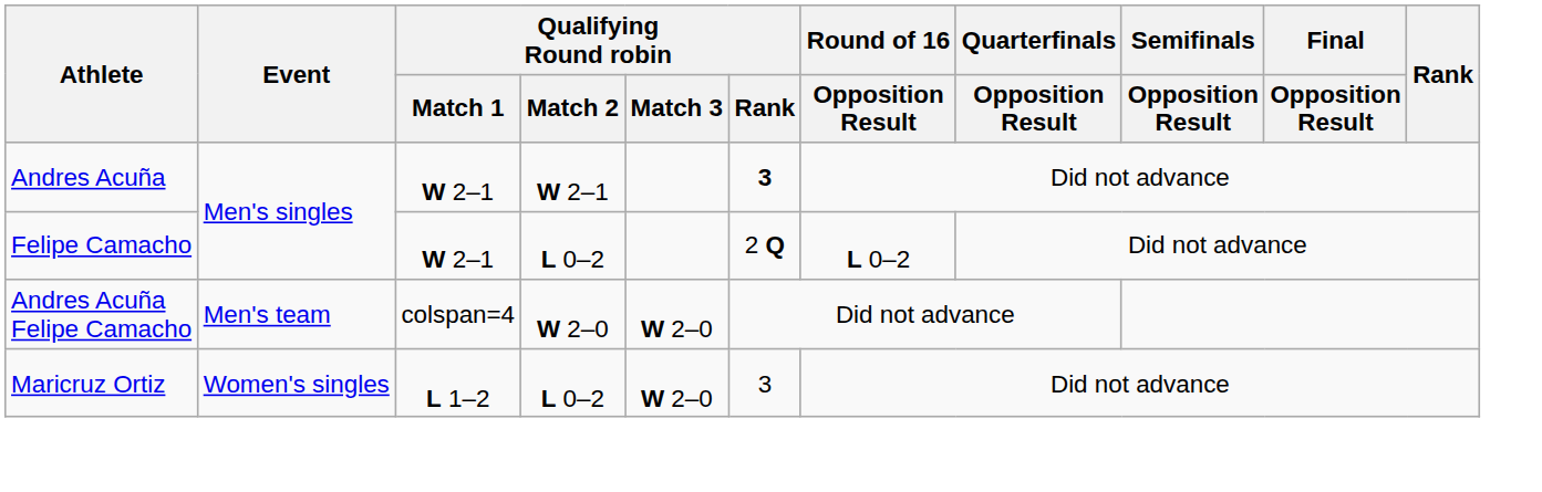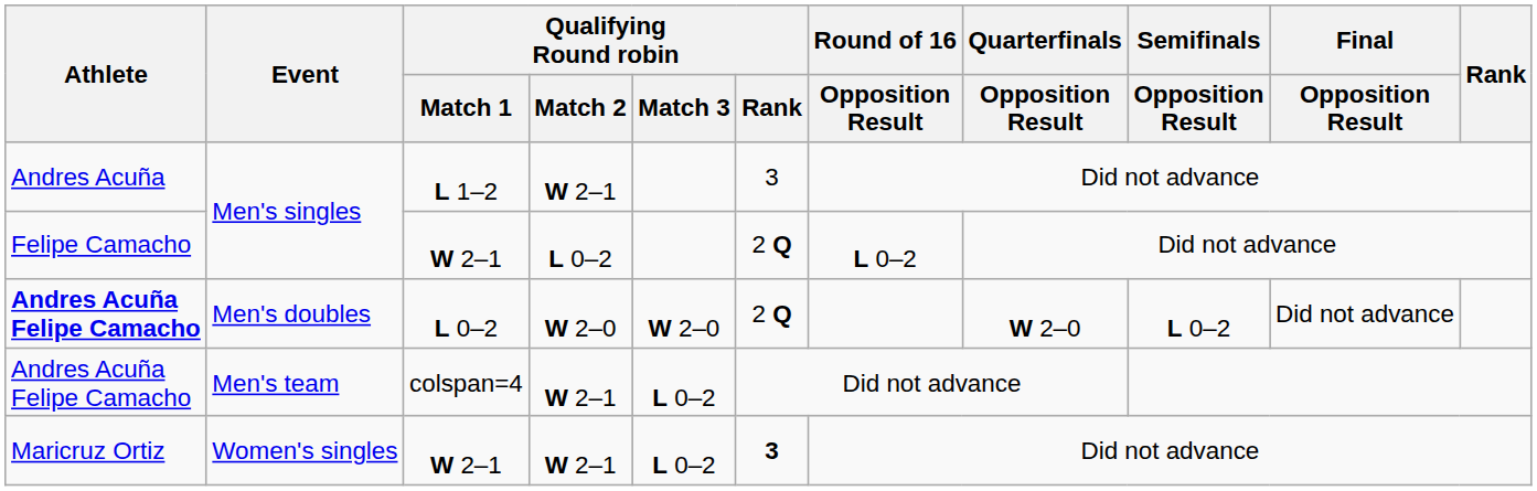 <table class="wikitable" style="font-size:87%">
 <tr>
 <th rowspan="2">Athlete</th>
 <th rowspan="2">Event</th>
 <th colspan="4">Qualifying<br>Round robin</th>
 <th>Round of 16</th>
 <th>Quarterfinals</th>
 <th>Semifinals</th>
 <th>Final</th>
 <th rowspan="2">Rank</th>
 </tr>
 <tr>
 <th>Match 1</th>
 <th>Match 2</th>
 <th>Match 3</th>
 <th>Rank</th>
 <th>Opposition<br>Result</th>
 <th>Opposition<br>Result</th>
 <th>Opposition<br>Result</th>
 <th>Opposition<br>Result</th>
 </tr>
 <tr align=center>
 <td align=left><a href='#'>Andres Acuña</a></td>
 <td rowspan=2 align=left><a href='#'>Men's singles</a></td>
-<td><br><strong>W</strong> 2–1</td>
+<td><br><strong>L</strong> 1–2</td>
 <td><br><strong>W</strong> 2–1</td>
 <td></td>
-<td><strong>3</strong></td>
+<td>3</td>
 <td colspan=5>Did not advance</td>
 </tr>
 <tr align=center>
 <td align=left><a href='#'>Felipe Camacho</a></td>
 <td><br><strong>W</strong> 2–1</td>
 <td><br><strong>L</strong> 0–2</td>
 <td></td>
 <td>2 <strong>Q</strong></td>
 <td><br><strong>L</strong> 0–2</td>
 <td colspan=4>Did not advance</td>
 </tr>
 <tr align=center>
+<td align=left><strong><a href='#'>Andres Acuña</a><br><a href='#'>Felipe Camacho</a></strong></td>
+<td align=left><a href='#'>Men's doubles</a></td>
+<td><br><strong>L</strong> 0–2</td>
+<td><br><strong>W</strong> 2–0</td>
+<td><br><strong>W</strong> 2–0</td>
+<td>2 <strong>Q</strong></td>
+<td></td>
+<td><br><strong>W</strong> 2–0</td>
+<td><br><strong>L</strong> 0–2</td>
+<td>Did not advance</td>
+<td></td>
+</tr>
+<tr align=center>
 <td align=left><a href='#'>Andres Acuña</a><br><a href='#'>Felipe Camacho</a></td>
 <td align=left><a href='#'>Men's team</a></td>
 <td>colspan=4 </td>
-<td><br><strong>W</strong> 2–0</td>
-<td><br><strong>W</strong> 2–0</td>
+<td><br><strong>W</strong> 2–1</td>
+<td><br><strong>L</strong> 0–2</td>
 <td colspan=3>Did not advance</td>
 </tr>
 <tr align=center>
 <td align=left><a href='#'>Maricruz Ortiz</a></td>
 <td rowspan=2 align=left><a href='#'>Women's singles</a></td>
-<td><br><strong>L</strong> 1–2</td>
+<td><br><strong>W</strong> 2–1</td>
+<td><br><strong>W</strong> 2–1</td>
 <td><br><strong>L</strong> 0–2</td>
-<td><br><strong>W</strong> 2–0</td>
-<td>3</td>
+<td><strong>3</strong></td>
 <td colspan=5>Did not advance</td>
 </tr>
 </table>
